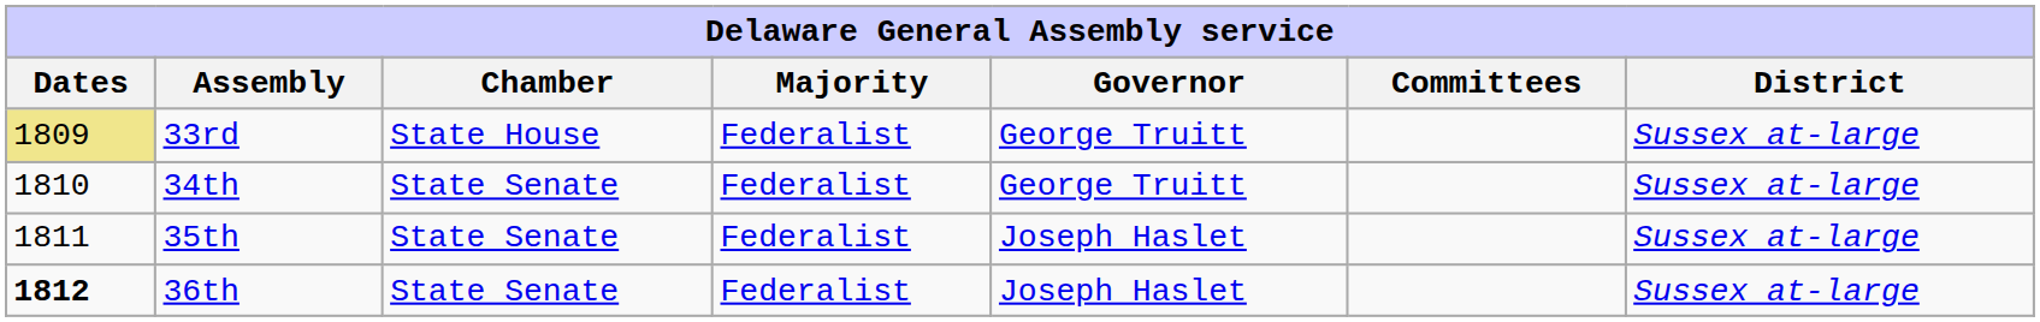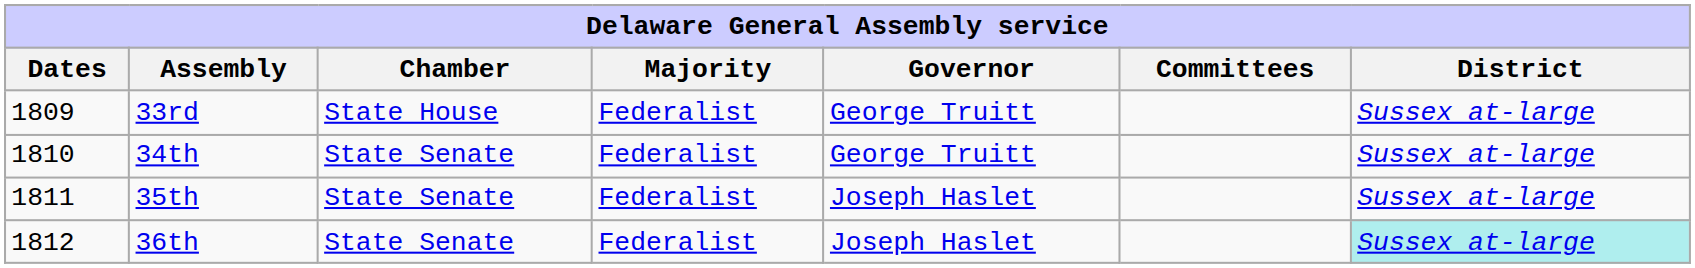 <table class=wikitable style="width: 94%" style="text-align: center;" align="center">
 <tr bgcolor=#cccccc>
 <th colspan=7 style="background: #ccccff;">Delaware General Assembly service</th>
 </tr>
 <tr>
 <th><strong>Dates</strong></th>
 <th><strong>Assembly</strong></th>
 <th><strong>Chamber</strong></th>
 <th><strong>Majority</strong></th>
 <th><strong>Governor</strong></th>
 <th><strong>Committees</strong></th>
 <th><strong>District</strong></th>
 </tr>
 <tr>
-<td style="background: khaki;">1809</td>
+<td>1809</td>
 <td><a href='#'>33rd</a></td>
 <td><a href='#'>State House</a></td>
 <td><a href='#'>Federalist</a></td>
 <td><a href='#'>George Truitt</a></td>
 <td></td>
 <td><a href='#'><em>Sussex at-large</em></a></td>
 </tr>
 <tr>
 <td>1810</td>
 <td><a href='#'>34th</a></td>
 <td><a href='#'>State Senate</a></td>
 <td><a href='#'>Federalist</a></td>
 <td><a href='#'>George Truitt</a></td>
 <td></td>
 <td><a href='#'><em>Sussex at-large</em></a></td>
 </tr>
 <tr>
 <td>1811</td>
 <td><a href='#'>35th</a></td>
 <td><a href='#'>State Senate</a></td>
 <td><a href='#'>Federalist</a></td>
 <td><a href='#'>Joseph Haslet</a></td>
 <td></td>
 <td><a href='#'><em>Sussex at-large</em></a></td>
 </tr>
 <tr>
-<td><strong>1812</strong></td>
+<td>1812</td>
 <td><a href='#'>36th</a></td>
 <td><a href='#'>State Senate</a></td>
 <td><a href='#'>Federalist</a></td>
 <td><a href='#'>Joseph Haslet</a></td>
 <td></td>
-<td><a href='#'><em>Sussex at-large</em></a></td>
+<td style="background: paleturquoise;"><a href='#'><em>Sussex at-large</em></a></td>
 </tr>
 </table>
